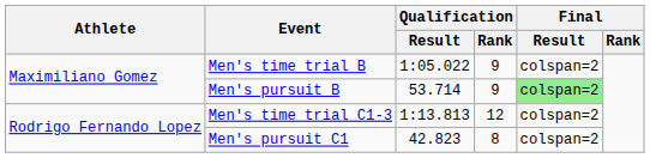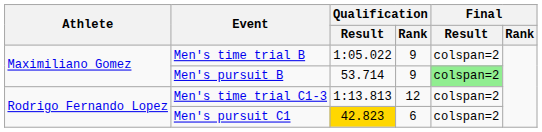 <table class=wikitable style="font-size:90%">
 <tr>
 <th rowspan="2">Athlete</th>
 <th rowspan="2">Event</th>
 <th colspan="2">Qualification</th>
 <th colspan="2">Final</th>
 </tr>
 <tr>
 <th>Result</th>
 <th>Rank</th>
 <th>Result</th>
 <th>Rank</th>
 </tr>
 <tr align=center>
 <td align=left rowspan=2><a href='#'>Maximiliano Gomez</a></td>
 <td align=left><a href='#'>Men's time trial B</a></td>
 <td>1:05.022</td>
 <td>9</td>
 <td>colspan=2 </td>
 </tr>
 <tr align=center>
 <td align=left><a href='#'>Men's pursuit B</a></td>
 <td>53.714</td>
 <td>9</td>
 <td style="background: lightgreen;">colspan=2 </td>
 </tr>
 <tr align=center>
 <td align=left rowspan=2><a href='#'>Rodrigo Fernando Lopez</a></td>
 <td align=left><a href='#'>Men's time trial C1-3</a></td>
 <td>1:13.813</td>
 <td>12</td>
 <td>colspan=2 </td>
 </tr>
 <tr align=center>
 <td align=left><a href='#'>Men's pursuit C1</a></td>
-<td>42.823</td>
-<td>8</td>
+<td style="background: gold;">42.823</td>
+<td>6</td>
 <td>colspan=2 </td>
 </tr>
 </table>
